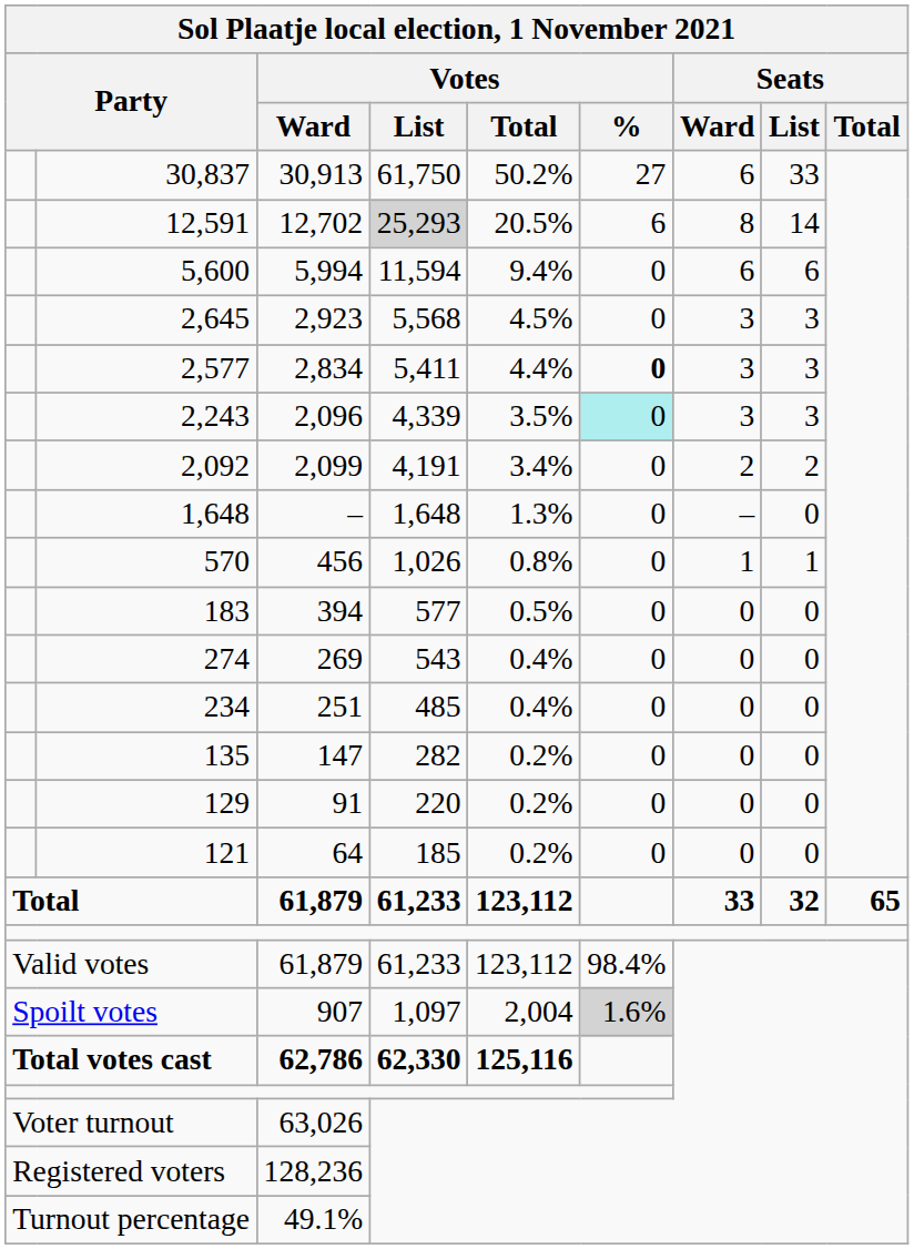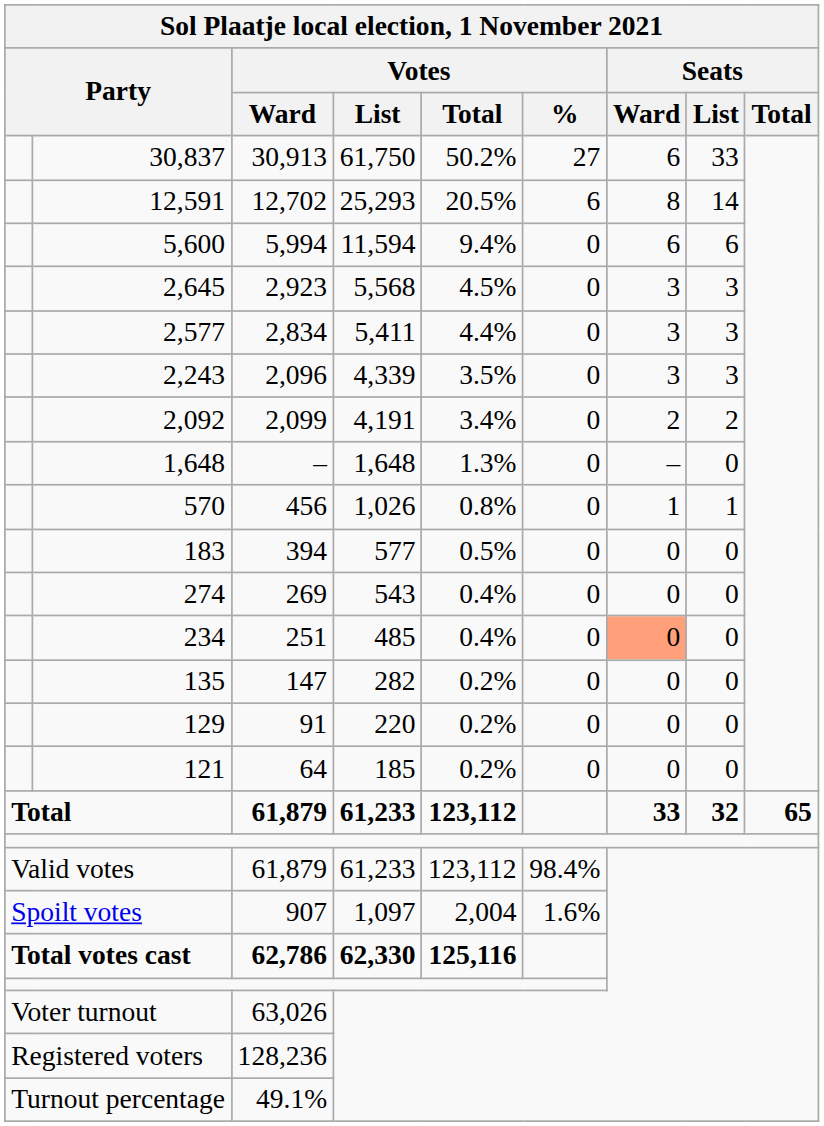 <table class=wikitable style="text-align:right">
 <tr>
 <th colspan="9" align="center">Sol Plaatje local election, 1 November 2021</th>
 </tr>
 <tr>
 <th rowspan="2" colspan="2">Party</th>
 <th colspan="4" align="center">Votes</th>
 <th colspan="3" align="center">Seats</th>
 </tr>
 <tr>
 <th>Ward</th>
 <th>List</th>
 <th>Total</th>
 <th>%</th>
 <th>Ward</th>
 <th>List</th>
 <th>Total</th>
 </tr>
 <tr>
 <td></td>
 <td>30,837</td>
 <td>30,913</td>
 <td>61,750</td>
 <td>50.2%</td>
 <td>27</td>
 <td>6</td>
 <td>33</td>
 </tr>
 <tr>
 <td></td>
 <td>12,591</td>
 <td>12,702</td>
-<td style="background: lightgrey;">25,293</td>
+<td>25,293</td>
 <td>20.5%</td>
 <td>6</td>
 <td>8</td>
 <td>14</td>
 </tr>
 <tr>
 <td></td>
 <td>5,600</td>
 <td>5,994</td>
 <td>11,594</td>
 <td>9.4%</td>
 <td>0</td>
 <td>6</td>
 <td>6</td>
 </tr>
 <tr>
 <td></td>
 <td>2,645</td>
 <td>2,923</td>
 <td>5,568</td>
 <td>4.5%</td>
 <td>0</td>
 <td>3</td>
 <td>3</td>
 </tr>
 <tr>
 <td></td>
 <td>2,577</td>
 <td>2,834</td>
 <td>5,411</td>
 <td>4.4%</td>
-<td><strong>0</strong></td>
+<td>0</td>
 <td>3</td>
 <td>3</td>
 </tr>
 <tr>
 <td></td>
 <td>2,243</td>
 <td>2,096</td>
 <td>4,339</td>
 <td>3.5%</td>
-<td style="background: paleturquoise;">0</td>
+<td>0</td>
 <td>3</td>
 <td>3</td>
 </tr>
 <tr>
 <td></td>
 <td>2,092</td>
 <td>2,099</td>
 <td>4,191</td>
 <td>3.4%</td>
 <td>0</td>
 <td>2</td>
 <td>2</td>
 </tr>
 <tr>
 <td></td>
 <td>1,648</td>
 <td>–</td>
 <td>1,648</td>
 <td>1.3%</td>
 <td>0</td>
 <td>–</td>
 <td>0</td>
 </tr>
 <tr>
 <td></td>
 <td>570</td>
 <td>456</td>
 <td>1,026</td>
 <td>0.8%</td>
 <td>0</td>
 <td>1</td>
 <td>1</td>
 </tr>
 <tr>
 <td></td>
 <td>183</td>
 <td>394</td>
 <td>577</td>
 <td>0.5%</td>
 <td>0</td>
 <td>0</td>
 <td>0</td>
 </tr>
 <tr>
 <td></td>
 <td>274</td>
 <td>269</td>
 <td>543</td>
 <td>0.4%</td>
 <td>0</td>
 <td>0</td>
 <td>0</td>
 </tr>
 <tr>
 <td></td>
 <td>234</td>
 <td>251</td>
 <td>485</td>
 <td>0.4%</td>
 <td>0</td>
-<td>0</td>
+<td style="background: lightsalmon;">0</td>
 <td>0</td>
 </tr>
 <tr>
 <td></td>
 <td>135</td>
 <td>147</td>
 <td>282</td>
 <td>0.2%</td>
 <td>0</td>
 <td>0</td>
 <td>0</td>
 </tr>
 <tr>
 <td></td>
 <td>129</td>
 <td>91</td>
 <td>220</td>
 <td>0.2%</td>
 <td>0</td>
 <td>0</td>
 <td>0</td>
 </tr>
 <tr>
 <td></td>
 <td>121</td>
 <td>64</td>
 <td>185</td>
 <td>0.2%</td>
 <td>0</td>
 <td>0</td>
 <td>0</td>
 </tr>
 <tr>
 <td colspan="2" style="text-align:left"><strong>Total</strong></td>
 <td><strong>61,879</strong></td>
 <td><strong>61,233</strong></td>
 <td><strong>123,112</strong></td>
 <td></td>
 <td><strong>33</strong></td>
 <td><strong>32</strong></td>
 <td><strong>65</strong></td>
 </tr>
 <tr>
 <td colspan="9"></td>
 </tr>
 <tr>
 <td colspan="2" style="text-align:left">Valid votes</td>
 <td>61,879</td>
 <td>61,233</td>
 <td>123,112</td>
 <td>98.4%</td>
 </tr>
 <tr>
 <td colspan="2" style="text-align:left"><a href='#'>Spoilt votes</a></td>
 <td>907</td>
 <td>1,097</td>
 <td>2,004</td>
-<td style="background: lightgrey;">1.6%</td>
+<td>1.6%</td>
 </tr>
 <tr>
 <td colspan="2" style="text-align:left"><strong>Total votes cast</strong></td>
 <td><strong>62,786</strong></td>
 <td><strong>62,330</strong></td>
 <td><strong>125,116</strong></td>
 <td></td>
 </tr>
 <tr>
 <td colspan="6"></td>
 </tr>
 <tr>
 <td colspan="2" style="text-align:left">Voter turnout</td>
 <td>63,026</td>
 </tr>
 <tr>
 <td colspan="2" style="text-align:left">Registered voters</td>
 <td>128,236</td>
 </tr>
 <tr>
 <td colspan="2" style="text-align:left">Turnout percentage</td>
 <td>49.1%</td>
 </tr>
 </table>
